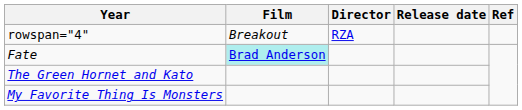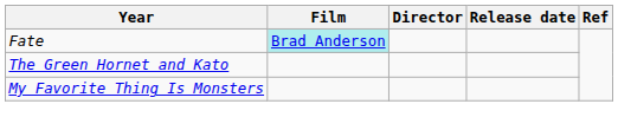 <table class="wikitable plainrowheaders" border="1">
 <tr>
 <th scope="col">Year</th>
 <th scope="col">Film</th>
 <th scope="col">Director</th>
 <th scope="col">Release date</th>
 <th scope="col">Ref</th>
-</tr>
-<tr>
-<td>rowspan="4" </td>
-<td><em>Breakout </em></td>
-<td><a href='#'>RZA</a></td>
-<td></td>
-<td></td>
 </tr>
 <tr>
 <td><em>Fate</em></td>
 <td style="background: paleturquoise;"><a href='#'>Brad Anderson</a></td>
 <td></td>
 <td></td>
 </tr>
 <tr>
 <td><em><a href='#'>The Green Hornet and Kato</a></em></td>
 <td></td>
 <td></td>
 <td></td>
 </tr>
 <tr>
 <td><em><a href='#'>My Favorite Thing Is Monsters</a></em></td>
 <td></td>
 <td></td>
 <td></td>
 </tr>
 </table>
